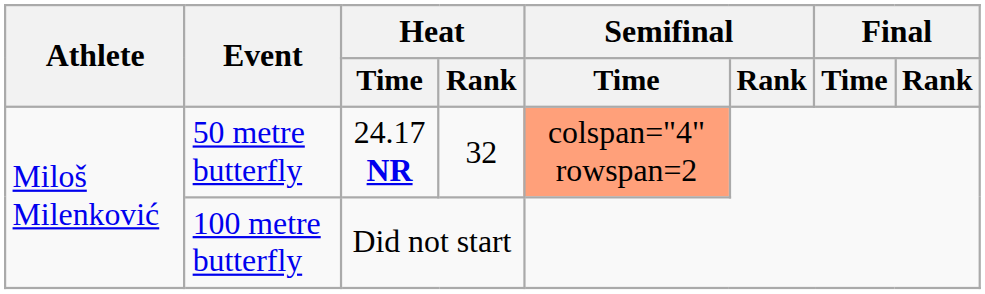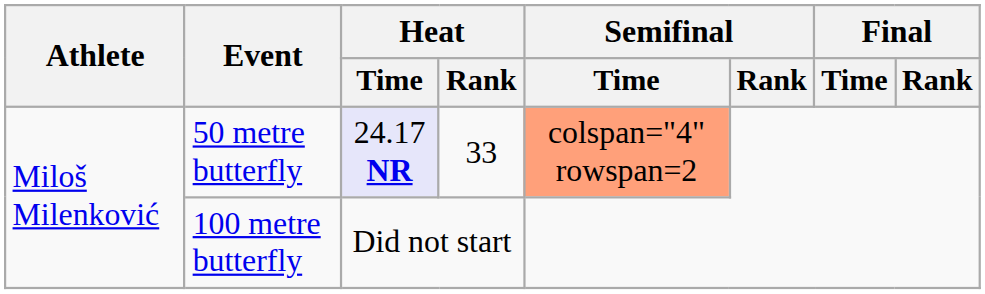 <table class="wikitable" style="text-align:center; font-size:90%; width:50%;">
 <tr>
 <th rowspan="2">Athlete</th>
 <th rowspan="2">Event</th>
 <th colspan="2">Heat</th>
 <th colspan="2">Semifinal</th>
 <th colspan="2">Final</th>
 </tr>
 <tr style="font-size:95%">
 <th>Time</th>
 <th>Rank</th>
 <th>Time</th>
 <th>Rank</th>
 <th>Time</th>
 <th>Rank</th>
 </tr>
 <tr align=center>
 <td align=left rowspan=2><a href='#'>Miloš Milenković</a></td>
 <td align=left><a href='#'>50 metre butterfly</a></td>
-<td>24.17 <strong><a href='#'>NR</a></strong></td>
-<td>32</td>
+<td style="background: lavender;">24.17 <strong><a href='#'>NR</a></strong></td>
+<td>33</td>
 <td style="background: lightsalmon;">colspan="4" rowspan=2 </td>
 </tr>
 <tr align=center>
 <td align=left><a href='#'>100 metre butterfly</a></td>
 <td colspan="2">Did not start</td>
 </tr>
 </table>
